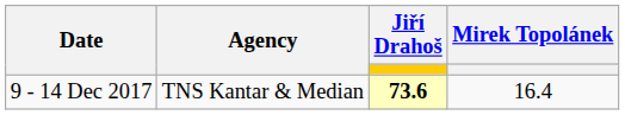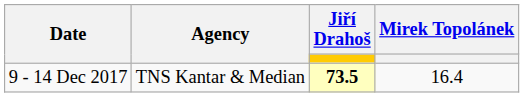 <table class="wikitable collapsible collapsed" style=text-align:center>
 <tr>
 <th rowspan="2">Date</th>
 <th rowspan="2">Agency</th>
 <th><a href='#'>Jiří Drahoš</a></th>
 <th><a href='#'>Mirek Topolánek</a></th>
 </tr>
 <tr>
 <th style="background:#FFCB03; width:40px;"></th>
 <th style="background:"></th>
 </tr>
 <tr>
 <td>9 - 14 Dec 2017</td>
 <td>TNS Kantar & Median</td>
-<td style="background:#FFFFBF"><strong>73.6</strong></td>
+<td style="background:#FFFFBF"><strong>73.5</strong></td>
 <td>16.4</td>
 </tr>
 </table>
